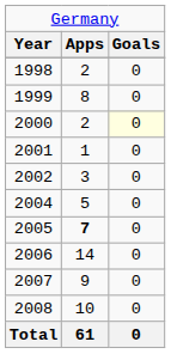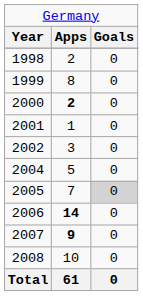 <table class="wikitable" style="text-align:center">
 <tr>
 <td colspan=3><a href='#'>Germany</a></td>
 </tr>
 <tr>
 <th>Year</th>
 <th>Apps</th>
 <th>Goals</th>
 </tr>
 <tr>
 </tr>
 <tr>
 <td>1998</td>
 <td>2</td>
 <td>0</td>
 </tr>
 <tr>
 <td>1999</td>
 <td>8</td>
 <td>0</td>
 </tr>
 <tr>
 <td>2000</td>
-<td>2</td>
-<td style="background: lightyellow;">0</td>
+<td><strong>2</strong></td>
+<td>0</td>
 </tr>
 <tr>
 <td>2001</td>
 <td>1</td>
 <td>0</td>
 </tr>
 <tr>
 <td>2002</td>
 <td>3</td>
 <td>0</td>
 </tr>
 <tr>
 <td>2004</td>
 <td>5</td>
 <td>0</td>
 </tr>
 <tr>
 <td>2005</td>
-<td><strong>7</strong></td>
-<td>0</td>
+<td>7</td>
+<td style="background: lightgrey;">0</td>
 </tr>
 <tr>
 <td>2006</td>
-<td>14</td>
+<td><strong>14</strong></td>
 <td>0</td>
 </tr>
 <tr>
 <td>2007</td>
-<td>9</td>
+<td><strong>9</strong></td>
 <td>0</td>
 </tr>
 <tr>
 <td>2008</td>
 <td>10</td>
 <td>0</td>
 </tr>
 <tr>
 <th>Total</th>
 <th>61</th>
 <th>0</th>
 </tr>
 </table>
